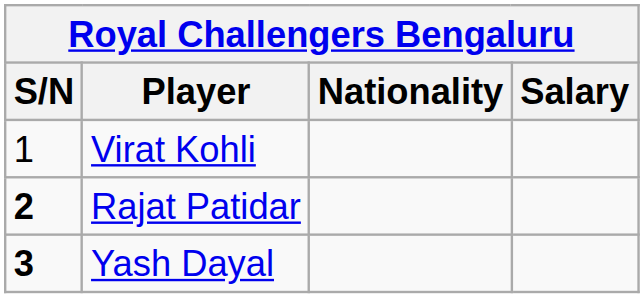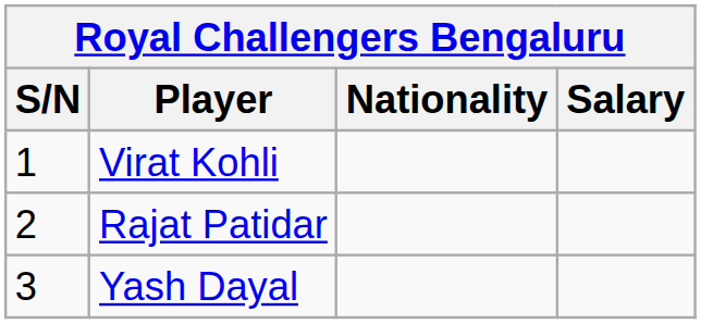 <table class="wikitable" style="font-size:95%;">
 <tr>
 <th scope="colgroup" colspan="4" style="background:#"><a href='#'><span>Royal Challengers Bengaluru</span></a></th>
 </tr>
 <tr>
 <th scope="col">S/N</th>
 <th scope="col">Player</th>
 <th scope="col">Nationality</th>
 <th scope="col">Salary</th>
 </tr>
 <tr>
 <td>1</td>
 <td><a href='#'>Virat Kohli</a></td>
 <td></td>
 <td></td>
 </tr>
 <tr>
-<td><strong>2</strong></td>
+<td>2</td>
 <td><a href='#'>Rajat Patidar</a></td>
 <td></td>
 <td></td>
 </tr>
 <tr>
-<td><strong>3</strong></td>
+<td>3</td>
 <td><a href='#'>Yash Dayal</a></td>
 <td></td>
 <td></td>
 </tr>
 </table>
